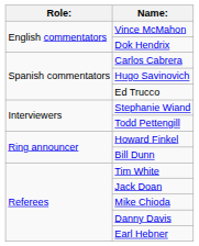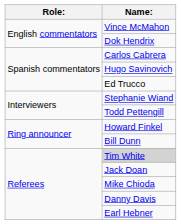 <table class=wikitable style="font-size:90%; margin: 0.5em 1em 0.5em 0; float: right; clear: right;">
 <tr>
 <th>Role:</th>
 <th>Name:</th>
 </tr>
 <tr>
 <td rowspan="2">English <a href='#'>commentators</a></td>
 <td><a href='#'>Vince McMahon</a></td>
 </tr>
 <tr>
 <td><a href='#'>Dok Hendrix</a></td>
 </tr>
 <tr>
 <td rowspan="3">Spanish commentators</td>
 <td><a href='#'>Carlos Cabrera</a></td>
 </tr>
 <tr>
 <td><a href='#'>Hugo Savinovich</a></td>
 </tr>
 <tr>
 <td>Ed Trucco</td>
 </tr>
 <tr>
 <td rowspan="2">Interviewers</td>
 <td><a href='#'>Stephanie Wiand</a></td>
 </tr>
 <tr>
 <td><a href='#'>Todd Pettengill</a></td>
 </tr>
 <tr>
 <td rowspan="2"><a href='#'>Ring announcer</a></td>
 <td><a href='#'>Howard Finkel</a></td>
 </tr>
 <tr>
 <td><a href='#'>Bill Dunn</a></td>
 </tr>
 <tr>
 <td rowspan="5"><a href='#'>Referees</a></td>
-<td><a href='#'>Tim White</a></td>
+<td style="background: lightgrey;"><a href='#'>Tim White</a></td>
 </tr>
 <tr>
 <td><a href='#'>Jack Doan</a></td>
 </tr>
 <tr>
 <td><a href='#'>Mike Chioda</a></td>
 </tr>
 <tr>
 <td><a href='#'>Danny Davis</a></td>
 </tr>
 <tr>
 <td><a href='#'>Earl Hebner</a></td>
 </tr>
 </table>
